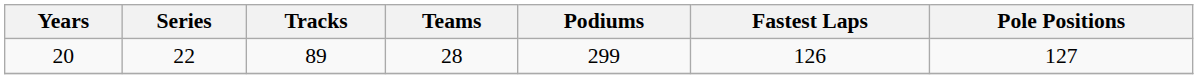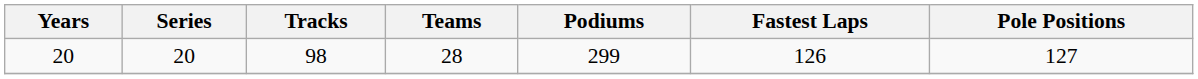 <table class="wikitable" width="881px">
 <tr>
 <th scope="col">Years</th>
 <th scope="col">Series</th>
 <th scope="col">Tracks</th>
 <th scope="col">Teams</th>
 <th scope="col">Podiums</th>
 <th scope="col">Fastest Laps</th>
 <th scope="col">Pole Positions</th>
 </tr>
 <tr>
 <td style="text-align:center">20</td>
-<td style="text-align:center">22</td>
-<td style="text-align:center">89</td>
+<td style="text-align:center">20</td>
+<td style="text-align:center">98</td>
 <td style="text-align:center">28</td>
 <td style="text-align:center">299</td>
 <td style="text-align:center">126</td>
 <td style="text-align:center">127</td>
 </tr>
 <tr>
 </tr>
 </table>
